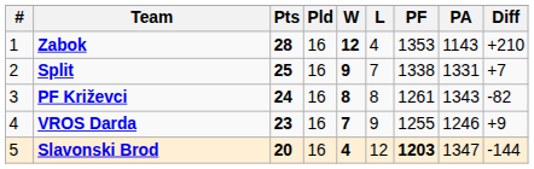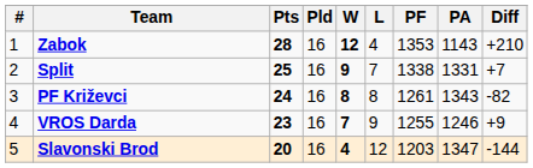 <table class=wikitable>
 <tr align=center>
 </tr>
 <tr>
 <th width=20>#</th>
 <th width=220>Team</th>
 <th width=20>Pts</th>
 <th width=20>Pld</th>
 <th width=20>W</th>
 <th width=20>L</th>
 <th width=20>PF</th>
 <th width=20>PA</th>
 <th width=20>Diff</th>
 </tr>
 <tr>
 <td>1</td>
 <td align="left"><strong><a href='#'>Zabok</a></strong></td>
 <td><strong>28</strong></td>
 <td>16</td>
 <td><strong>12</strong></td>
 <td>4</td>
 <td>1353</td>
 <td>1143</td>
 <td>+210</td>
 </tr>
 <tr>
 <td>2</td>
 <td align="left"><strong><a href='#'>Split</a></strong></td>
 <td><strong>25</strong></td>
 <td>16</td>
 <td><strong>9</strong></td>
 <td>7</td>
 <td>1338</td>
 <td>1331</td>
 <td>+7</td>
 </tr>
 <tr>
 <td>3</td>
 <td align="left"><strong><a href='#'>PF Križevci</a></strong></td>
 <td><strong>24</strong></td>
 <td>16</td>
 <td><strong>8</strong></td>
 <td>8</td>
 <td>1261</td>
 <td>1343</td>
 <td>-82</td>
 </tr>
 <tr>
 <td>4</td>
 <td align="left"><strong><a href='#'>VROS Darda</a></strong></td>
 <td><strong>23</strong></td>
 <td>16</td>
 <td><strong>7</strong></td>
 <td>9</td>
 <td>1255</td>
 <td>1246</td>
 <td>+9</td>
 </tr>
 <tr bgcolor=FFEFD5>
 <td>5</td>
 <td align="left"><strong><a href='#'>Slavonski Brod</a></strong></td>
 <td><strong>20</strong></td>
 <td>16</td>
 <td><strong>4</strong></td>
 <td>12</td>
-<td><strong>1203</strong></td>
+<td>1203</td>
 <td>1347</td>
 <td>-144</td>
 </tr>
 </table>
